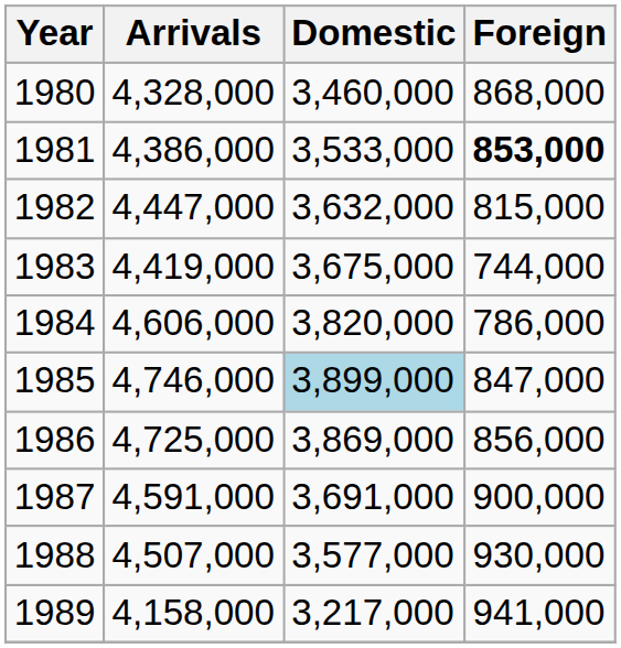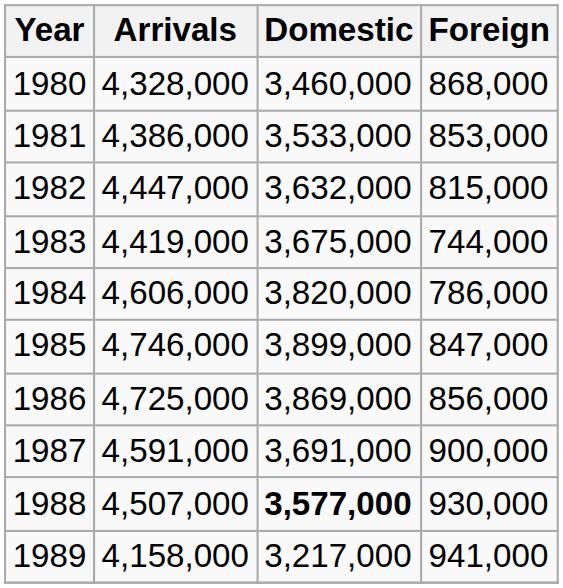 <table class="wikitable" style="display: inline-table;">
 <tr>
 <th>Year</th>
 <th>Arrivals</th>
 <th>Domestic</th>
 <th>Foreign</th>
 </tr>
 <tr ->
 <td>1980</td>
 <td>4,328,000</td>
 <td>3,460,000</td>
 <td>868,000</td>
 </tr>
 <tr ->
 <td>1981</td>
 <td>4,386,000</td>
 <td>3,533,000</td>
-<td><strong>853,000</strong></td>
+<td>853,000</td>
 </tr>
 <tr ->
 <td>1982</td>
 <td>4,447,000</td>
 <td>3,632,000</td>
 <td>815,000</td>
 </tr>
 <tr ->
 <td>1983</td>
 <td>4,419,000</td>
 <td>3,675,000</td>
 <td>744,000</td>
 </tr>
 <tr ->
 <td>1984</td>
 <td>4,606,000</td>
 <td>3,820,000</td>
 <td>786,000</td>
 </tr>
 <tr ->
 <td>1985</td>
 <td>4,746,000</td>
-<td style="background: lightblue;">3,899,000</td>
+<td>3,899,000</td>
 <td>847,000</td>
 </tr>
 <tr ->
 <td>1986</td>
 <td>4,725,000</td>
 <td>3,869,000</td>
 <td>856,000</td>
 </tr>
 <tr ->
 <td>1987</td>
 <td>4,591,000</td>
 <td>3,691,000</td>
 <td>900,000</td>
 </tr>
 <tr ->
 <td>1988</td>
 <td>4,507,000</td>
-<td>3,577,000</td>
+<td><strong>3,577,000</strong></td>
 <td>930,000</td>
 </tr>
 <tr ->
 <td>1989</td>
 <td>4,158,000</td>
 <td>3,217,000</td>
 <td>941,000</td>
 </tr>
 <tr ->
 </tr>
 </table>
